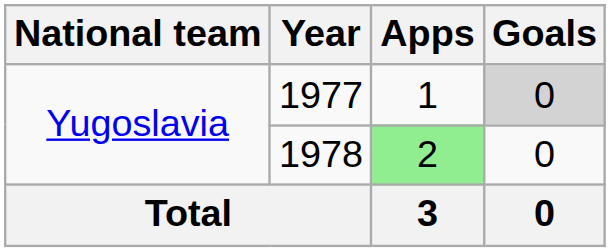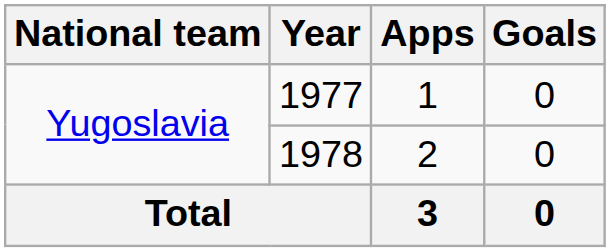 <table class="wikitable" style="text-align:center">
 <tr>
 <th>National team</th>
 <th>Year</th>
 <th>Apps</th>
 <th>Goals</th>
 </tr>
 <tr>
 <td rowspan="2"><a href='#'>Yugoslavia</a></td>
 <td>1977</td>
 <td>1</td>
-<td style="background: lightgrey;">0</td>
+<td>0</td>
 </tr>
 <tr>
 <td>1978</td>
-<td style="background: lightgreen;">2</td>
+<td>2</td>
 <td>0</td>
 </tr>
 <tr>
 <th colspan="2">Total</th>
 <th>3</th>
 <th>0</th>
 </tr>
 </table>
